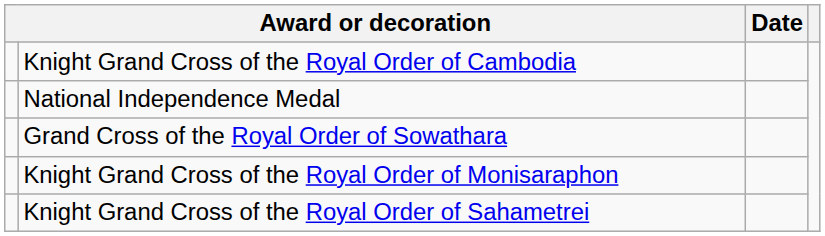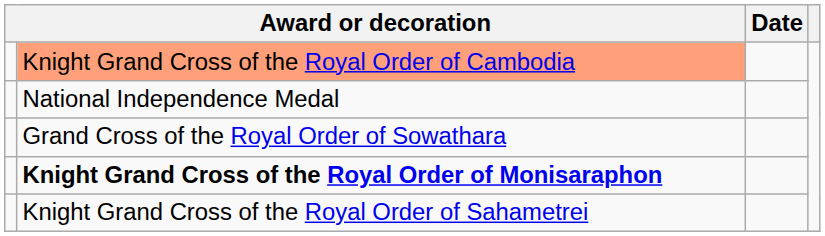 <table class="wikitable sortable" style="text-align:left;">
 <tr>
 <th colspan=2 width="490px">Award or decoration</th>
 <th>Date</th>
 <th class="unsortable"></th>
 </tr>
 <tr>
 <td></td>
-<td>Knight Grand Cross of the <a href='#'>Royal Order of Cambodia</a></td>
+<td style="background: lightsalmon;">Knight Grand Cross of the <a href='#'>Royal Order of Cambodia</a></td>
 <td></td>
 </tr>
 <tr>
 <td></td>
 <td>National Independence Medal</td>
 <td></td>
 </tr>
 <tr>
 <td></td>
 <td>Grand Cross of the <a href='#'>Royal Order of Sowathara</a></td>
 <td></td>
 </tr>
 <tr>
 <td></td>
-<td>Knight Grand Cross of the <a href='#'>Royal Order of Monisaraphon</a></td>
+<td><strong>Knight Grand Cross of the <a href='#'>Royal Order of Monisaraphon</a></strong></td>
 <td></td>
 </tr>
 <tr>
 <td></td>
 <td>Knight Grand Cross of the <a href='#'>Royal Order of Sahametrei</a></td>
 <td></td>
 </tr>
 </table>
